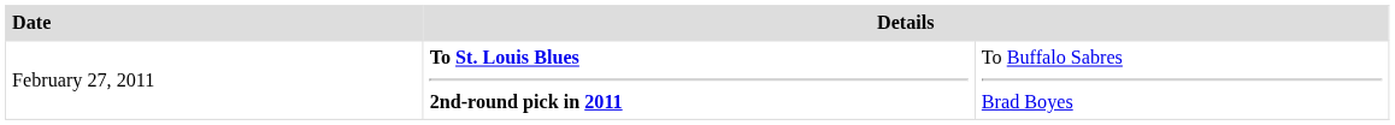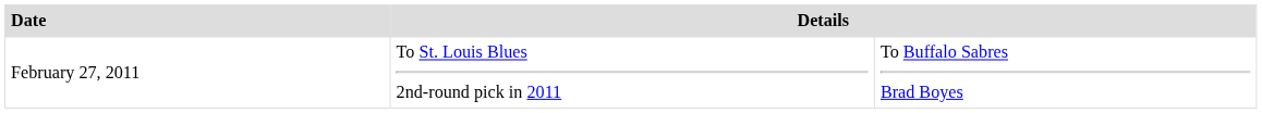 <table border=1 style="border-collapse:collapse" bordercolor="#DFDFDF" cellpadding="5" width=90%>
 <tr bgcolor="#dddddd">
 <th style="text-align:left;">Date</th>
 <th colspan="2">Details</th>
 </tr>
 <tr>
 <td>February 27, 2011</td>
-<td valign="top"><strong>To <a href='#'>St. Louis Blues</a> <hr>2nd-round pick in <a href='#'>2011</a></strong></td>
+<td valign="top">To <a href='#'>St. Louis Blues</a> <hr>2nd-round pick in <a href='#'>2011</a></td>
 <td valign="top">To <a href='#'>Buffalo Sabres</a> <hr><a href='#'>Brad Boyes</a></td>
 </tr>
 <tr>
 </tr>
 </table>
